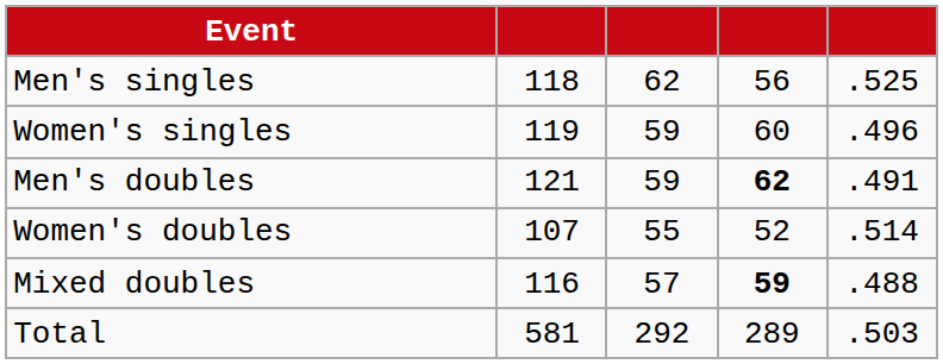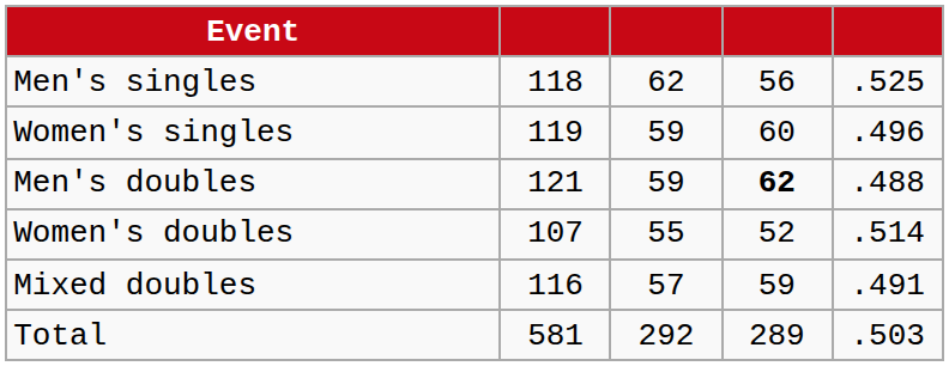 <table class="wikitable" style="text-align:center">
 <tr>
 <th style="background:#C80815; color:white" width="200px">Event</th>
 <th style="background:#C80815; color:white" width="40px"></th>
 <th style="background:#C80815; color:white" width="40px"></th>
 <th style="background:#C80815; color:white" width="40px"></th>
 <th style="background:#C80815; color:white" width="40px"></th>
 </tr>
 <tr>
 <td style="text-align:left">Men's singles</td>
 <td>118</td>
 <td>62</td>
 <td>56</td>
 <td>.525</td>
 </tr>
 <tr>
 <td style="text-align:left">Women's singles</td>
 <td>119</td>
 <td>59</td>
 <td>60</td>
 <td>.496</td>
 </tr>
 <tr>
 <td style="text-align:left">Men's doubles</td>
 <td>121</td>
 <td>59</td>
 <td><strong>62</strong></td>
-<td>.491</td>
+<td>.488</td>
 </tr>
 <tr>
 <td style="text-align:left">Women's doubles</td>
 <td>107</td>
 <td>55</td>
 <td>52</td>
 <td>.514</td>
 </tr>
 <tr>
 <td style="text-align:left">Mixed doubles</td>
 <td>116</td>
 <td>57</td>
-<td><strong>59</strong></td>
-<td>.488</td>
+<td>59</td>
+<td>.491</td>
 </tr>
 <tr>
 <td style="text-align:left">Total</td>
 <td>581</td>
 <td>292</td>
 <td>289</td>
 <td>.503</td>
 </tr>
 </table>
